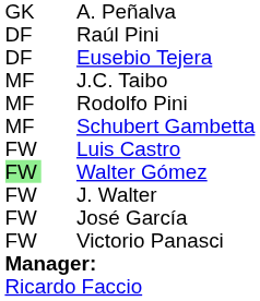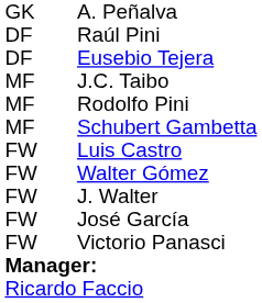 <table cellspacing="0" cellpadding="0" style="font-size:90%; margin:0.2em auto;">
 <tr>
 <th width="25"></th>
 <th width="25"></th>
 </tr>
 <tr>
 <td>GK</td>
 <td></td>
 <td> A. Peñalva</td>
 </tr>
 <tr>
 <td>DF</td>
 <td></td>
 <td> Raúl Pini</td>
 </tr>
 <tr>
 <td>DF</td>
 <td></td>
 <td> <a href='#'>Eusebio Tejera</a></td>
 </tr>
 <tr>
 <td>MF</td>
 <td></td>
 <td> J.C. Taibo</td>
 </tr>
 <tr>
 <td>MF</td>
 <td></td>
 <td> Rodolfo Pini</td>
 </tr>
 <tr>
 <td>MF</td>
 <td></td>
 <td> <a href='#'>Schubert Gambetta</a></td>
 </tr>
 <tr>
 <td>FW</td>
 <td></td>
 <td> <a href='#'>Luis Castro</a></td>
 </tr>
 <tr>
-<td style="background: lightgreen;">FW</td>
+<td>FW</td>
 <td></td>
 <td> <a href='#'>Walter Gómez</a></td>
 </tr>
 <tr>
 <td>FW</td>
 <td></td>
 <td> J. Walter</td>
 </tr>
 <tr>
 <td>FW</td>
 <td></td>
 <td> José García</td>
 </tr>
 <tr>
 <td>FW</td>
 <td></td>
 <td> Victorio Panasci</td>
 </tr>
 <tr>
 <td colspan=3><strong>Manager:</strong></td>
 </tr>
 <tr>
 <td colspan=4> <a href='#'>Ricardo Faccio</a></td>
 </tr>
 <tr>
 </tr>
 </table>
